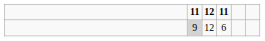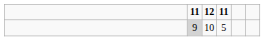 <table class="wikitable">
 <tr>
 <td style="width:18em"><strong></strong></td>
 <td align=center style="width:1em"><strong>11</strong></td>
 <td align=center style="width:1em"><strong>12</strong></td>
 <td align=center style="width:1em"><strong>11</strong></td>
 <td align=center style="width:1em"></td>
 <td align=center style="width:1em"></td>
 </tr>
 <tr>
 <td style="width:18em"></td>
 <td align=center style="background: lightgrey; width:1em">9</td>
-<td align=center style="width:1em">12</td>
-<td align=center style="width:1em">6</td>
+<td align=center style="width:1em">10</td>
+<td align=center style="width:1em">5</td>
 <td align=center style="width:1em"></td>
 <td align=center style="width:1em"></td>
 </tr>
 </table>
